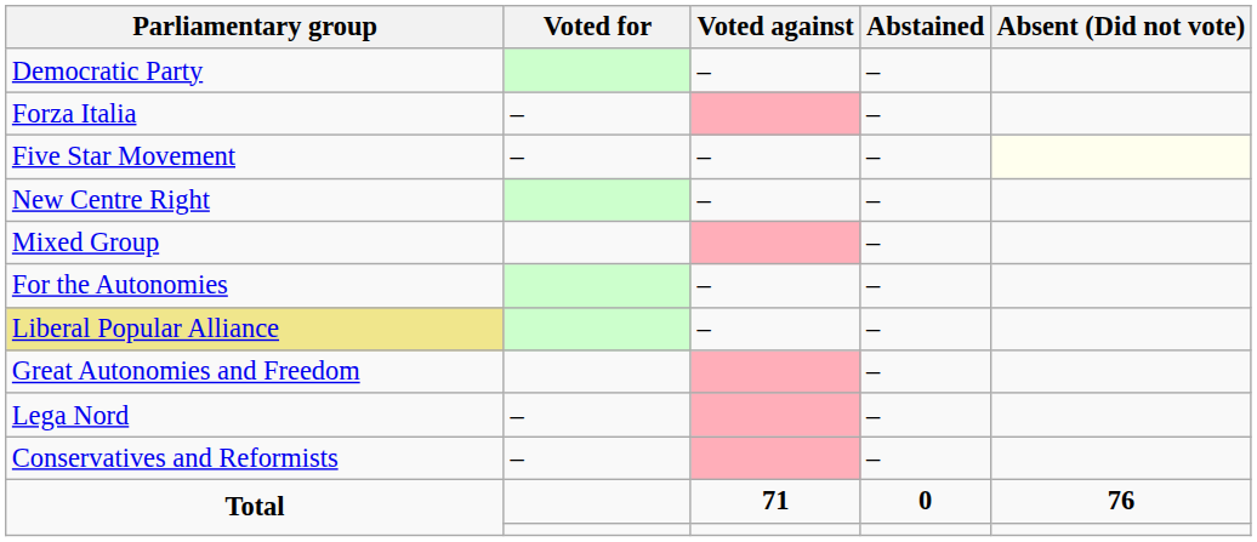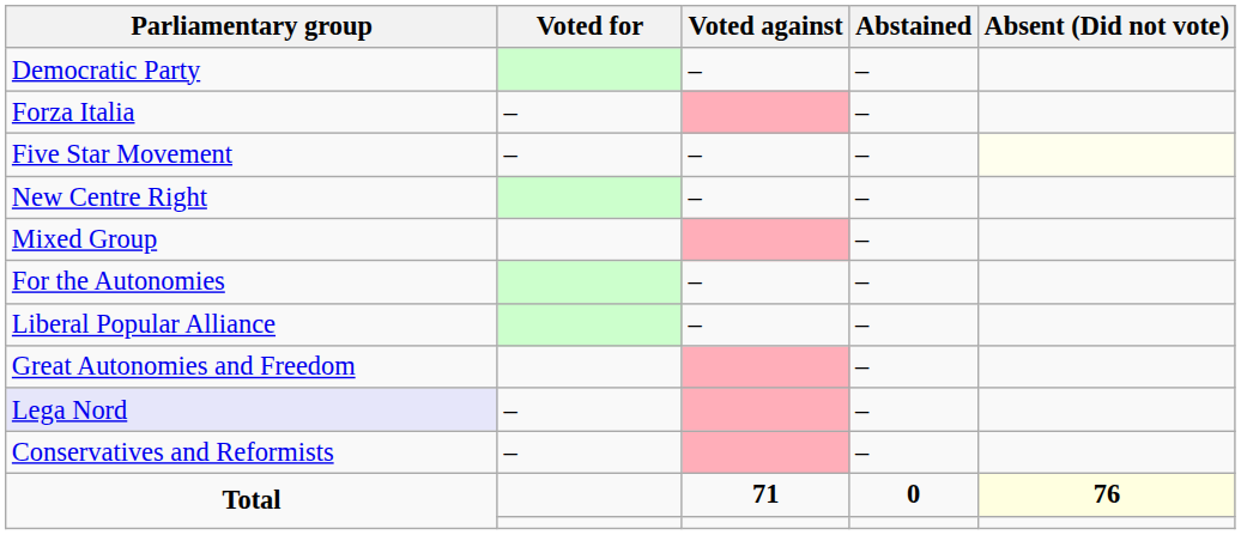 <table class="wikitable">
 <tr>
 <th style="width:40%;">Parliamentary group</th>
 <th style="width:15%;">Voted for</th>
 <th>Voted against</th>
 <th>Abstained</th>
 <th>Absent (Did not vote)</th>
 </tr>
 <tr>
 <td> <a href='#'>Democratic Party</a></td>
 <td style="background-color:#CCFFCC;"></td>
 <td>–</td>
 <td>–</td>
 <td></td>
 </tr>
 <tr>
 <td> <a href='#'>Forza Italia</a></td>
 <td>–</td>
 <td style="background-color:#FFAEB9;"></td>
 <td>–</td>
 <td></td>
 </tr>
 <tr>
 <td> <a href='#'>Five Star Movement</a></td>
 <td>–</td>
 <td>–</td>
 <td>–</td>
 <td style="background-color:#FFE;"></td>
 </tr>
 <tr>
 <td> <a href='#'>New Centre Right</a></td>
 <td style="background-color:#CCFFCC;"></td>
 <td>–</td>
 <td>–</td>
 <td></td>
 </tr>
 <tr>
 <td> <a href='#'>Mixed Group</a></td>
 <td></td>
 <td style="background-color:#FFAEB9;"></td>
 <td>–</td>
 <td></td>
 </tr>
 <tr>
 <td> <a href='#'>For the Autonomies</a></td>
 <td style="background-color:#CCFFCC;"></td>
 <td>–</td>
 <td>–</td>
 <td></td>
 </tr>
 <tr>
-<td style="background: khaki;"> <a href='#'>Liberal Popular Alliance</a></td>
+<td> <a href='#'>Liberal Popular Alliance</a></td>
 <td style="background-color:#CCFFCC;"></td>
 <td>–</td>
 <td>–</td>
 <td></td>
 </tr>
 <tr>
 <td> <a href='#'>Great Autonomies and Freedom</a></td>
 <td></td>
 <td style="background-color:#FFAEB9;"></td>
 <td>–</td>
 <td></td>
 </tr>
 <tr>
-<td> <a href='#'>Lega Nord</a></td>
+<td style="background: lavender;"> <a href='#'>Lega Nord</a></td>
 <td>–</td>
 <td style="background-color:#FFAEB9;"></td>
 <td>–</td>
 <td></td>
 </tr>
 <tr>
 <td> <a href='#'>Conservatives and Reformists</a></td>
 <td>–</td>
 <td style="background-color:#FFAEB9;"></td>
 <td>–</td>
 <td></td>
 </tr>
 <tr>
 <td style="text-align:center;" rowspan="2"><strong>Total</strong></td>
 <td></td>
 <td style="text-align:center;"><strong>71</strong></td>
 <td style="text-align:center;"><strong>0</strong></td>
-<td style="text-align:center;"><strong>76</strong></td>
+<td style="background: lightyellow; text-align:center;"><strong>76</strong></td>
 </tr>
 <tr>
 <td style="text-align:center;"></td>
 <td style="text-align:center;"></td>
 <td style="text-align:center;"></td>
 <td style="text-align:center;"></td>
 </tr>
 </table>
